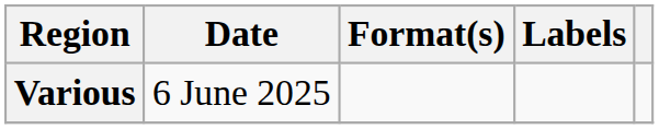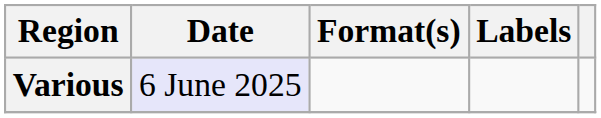 <table class="wikitable plainrowheaders">
 <tr>
 <th scope="col">Region</th>
 <th scope="col">Date</th>
 <th scope="col">Format(s)</th>
 <th scope="col">Labels</th>
 <th scope="col"></th>
 </tr>
 <tr>
 <th scope="row">Various</th>
-<td>6 June 2025</td>
+<td style="background: lavender;">6 June 2025</td>
 <td></td>
 <td></td>
 <td style="text-align:center;"></td>
 </tr>
 <tr>
 </tr>
 </table>
